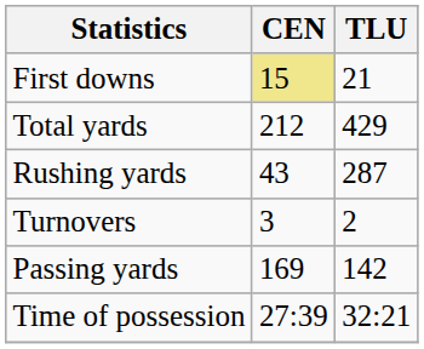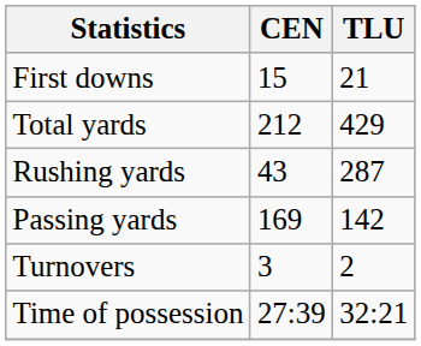 <table class="wikitable">
 <tr>
 <th>Statistics</th>
 <th>CEN</th>
 <th>TLU</th>
 </tr>
 <tr>
 <td>First downs</td>
-<td style="background: khaki;">15</td>
+<td>15</td>
 <td>21</td>
 </tr>
 <tr>
 <td>Total yards</td>
 <td>212</td>
 <td>429</td>
 </tr>
 <tr>
 <td>Rushing yards</td>
 <td>43</td>
 <td>287</td>
 </tr>
 <tr>
+<td>Passing yards</td>
+<td>169</td>
+<td>142</td>
+</tr>
+<tr>
 <td>Turnovers</td>
 <td>3</td>
 <td>2</td>
-</tr>
-<tr>
-<td>Passing yards</td>
-<td>169</td>
-<td>142</td>
 </tr>
 <tr>
 <td>Time of possession</td>
 <td>27:39</td>
 <td>32:21</td>
 </tr>
 <tr>
 </tr>
 </table>
